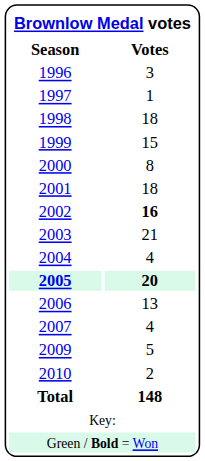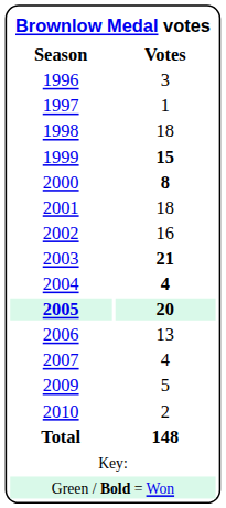 <table style="margin-right:4px; margin-top:8px; float:right; border:1px #000 solid; border-radius:8px; background:#fff; font-family:Verdana; font-size:8pt; text-align:center;">
 <tr style="background:#fff;">
 <td colspan="2;" style="padding:3px; margin-bottom:-3px; margin-top:2px; font-family:Arial;"><strong><a href='#'>Brownlow Medal</a> votes</strong></td>
 </tr>
 <tr>
 <th style="width:50%;">Season</th>
 <th style="width:50%;">Votes</th>
 </tr>
 <tr>
 <td><a href='#'>1996</a></td>
 <td>3</td>
 </tr>
 <tr>
 <td><a href='#'>1997</a></td>
 <td>1</td>
 </tr>
 <tr>
 <td><a href='#'>1998</a></td>
 <td>18</td>
 </tr>
 <tr>
 <td><a href='#'>1999</a></td>
-<td>15</td>
+<td><strong>15</strong></td>
 </tr>
 <tr>
 <td><a href='#'>2000</a></td>
-<td>8</td>
+<td><strong>8</strong></td>
 </tr>
 <tr>
 <td><a href='#'>2001</a></td>
 <td>18</td>
 </tr>
 <tr>
 <td><a href='#'>2002</a></td>
-<td><strong>16</strong></td>
+<td>16</td>
 </tr>
 <tr>
 <td><a href='#'>2003</a></td>
-<td>21</td>
+<td><strong>21</strong></td>
 </tr>
 <tr>
 <td><a href='#'>2004</a></td>
-<td>4</td>
+<td><strong>4</strong></td>
 </tr>
 <tr style="background:#D9F9E9;">
 <td><strong><a href='#'>2005</a></strong></td>
 <td><strong>20</strong></td>
 </tr>
 <tr>
 <td><a href='#'>2006</a></td>
 <td>13</td>
 </tr>
 <tr>
 <td><a href='#'>2007</a></td>
 <td>4</td>
 </tr>
 <tr>
 <td><a href='#'>2009</a></td>
 <td>5</td>
 </tr>
 <tr>
 <td><a href='#'>2010</a></td>
 <td>2</td>
 </tr>
 <tr>
 <td><strong>Total</strong></td>
 <td><strong>148</strong></td>
 </tr>
 <tr>
 <td colspan=2><small>Key:</small></td>
 </tr>
 <tr style="background:#d9f9e9; border:1px solid #aaa; width:2em;">
 <td colspan=2><small>Green / <strong>Bold</strong> = <a href='#'>Won</a></small></td>
 </tr>
 </table>
